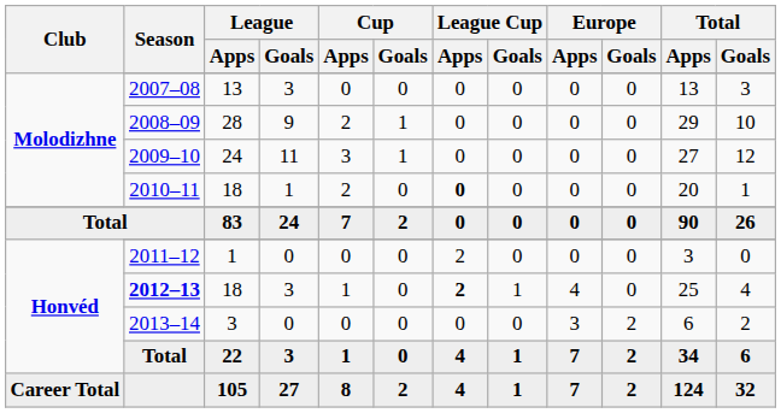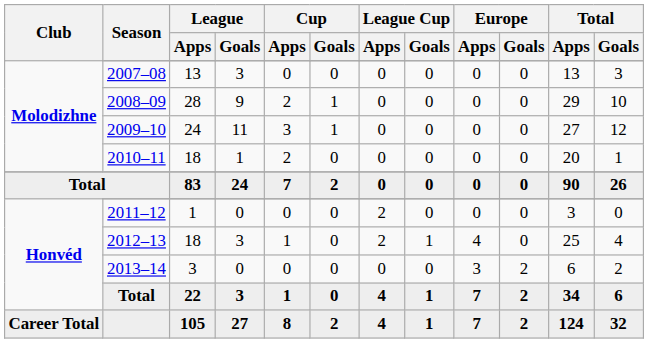 <table class="wikitable" style="font-size:90%; text-align: center;">
 <tr>
 <th rowspan="2">Club</th>
 <th rowspan="2">Season</th>
 <th colspan="2">League</th>
 <th colspan="2">Cup</th>
 <th colspan="2">League Cup</th>
 <th colspan="2">Europe</th>
 <th colspan="2">Total</th>
 </tr>
 <tr>
 <th>Apps</th>
 <th>Goals</th>
 <th>Apps</th>
 <th>Goals</th>
 <th>Apps</th>
 <th>Goals</th>
 <th>Apps</th>
 <th>Goals</th>
 <th>Apps</th>
 <th>Goals</th>
 </tr>
 <tr ||-||-||-|->
 <td rowspan="5" valign="center"><strong><a href='#'>Molodizhne</a></strong></td>
 </tr>
 <tr>
 <td><a href='#'>2007–08</a></td>
 <td>13</td>
 <td>3</td>
 <td>0</td>
 <td>0</td>
 <td>0</td>
 <td>0</td>
 <td>0</td>
 <td>0</td>
 <td>13</td>
 <td>3</td>
 </tr>
 <tr>
 <td><a href='#'>2008–09</a></td>
 <td>28</td>
 <td>9</td>
 <td>2</td>
 <td>1</td>
 <td>0</td>
 <td>0</td>
 <td>0</td>
 <td>0</td>
 <td>29</td>
 <td>10</td>
 </tr>
 <tr>
 <td><a href='#'>2009–10</a></td>
 <td>24</td>
 <td>11</td>
 <td>3</td>
 <td>1</td>
 <td>0</td>
 <td>0</td>
 <td>0</td>
 <td>0</td>
 <td>27</td>
 <td>12</td>
 </tr>
 <tr>
 <td><a href='#'>2010–11</a></td>
 <td>18</td>
 <td>1</td>
 <td>2</td>
 <td>0</td>
-<td><strong>0</strong></td>
+<td>0</td>
 <td>0</td>
 <td>0</td>
 <td>0</td>
 <td>20</td>
 <td>1</td>
 </tr>
 <tr>
 </tr>
 <tr style="font-weight:bold; background-color:#eeeeee;">
 <td colspan=2>Total</td>
 <td>83</td>
 <td>24</td>
 <td>7</td>
 <td>2</td>
 <td>0</td>
 <td>0</td>
 <td>0</td>
 <td>0</td>
 <td>90</td>
 <td>26</td>
 </tr>
 <tr>
 <td rowspan="5" valign="center"><strong><a href='#'>Honvéd</a></strong></td>
 </tr>
 <tr>
 <td><a href='#'>2011–12</a></td>
 <td>1</td>
 <td>0</td>
 <td>0</td>
 <td>0</td>
 <td>2</td>
 <td>0</td>
 <td>0</td>
 <td>0</td>
 <td>3</td>
 <td>0</td>
 </tr>
 <tr>
-<td><strong><a href='#'>2012–13</a></strong></td>
+<td><a href='#'>2012–13</a></td>
 <td>18</td>
 <td>3</td>
 <td>1</td>
 <td>0</td>
-<td><strong>2</strong></td>
+<td>2</td>
 <td>1</td>
 <td>4</td>
 <td>0</td>
 <td>25</td>
 <td>4</td>
 </tr>
 <tr>
 <td><a href='#'>2013–14</a></td>
 <td>3</td>
 <td>0</td>
 <td>0</td>
 <td>0</td>
 <td>0</td>
 <td>0</td>
 <td>3</td>
 <td>2</td>
 <td>6</td>
 <td>2</td>
 </tr>
 <tr style="font-weight:bold; background-color:#eeeeee;">
 <td>Total</td>
 <td>22</td>
 <td>3</td>
 <td>1</td>
 <td>0</td>
 <td>4</td>
 <td>1</td>
 <td>7</td>
 <td>2</td>
 <td>34</td>
 <td>6</td>
 </tr>
 <tr style="font-weight:bold; background-color:#eeeeee;">
 <td rowspan="2" valign="top"><strong>Career Total</strong></td>
 <td></td>
 <td><strong>105</strong></td>
 <td><strong>27</strong></td>
 <td><strong>8</strong></td>
 <td><strong>2</strong></td>
 <td><strong>4</strong></td>
 <td><strong>1</strong></td>
 <td><strong>7</strong></td>
 <td><strong>2</strong></td>
 <td><strong>124</strong></td>
 <td><strong>32</strong></td>
 </tr>
 </table>
